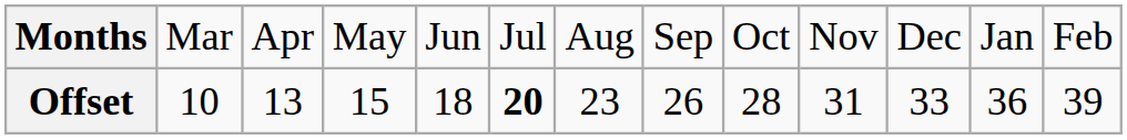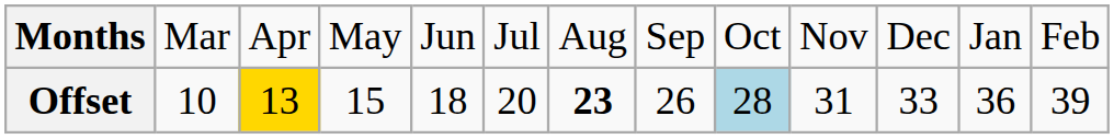 <table class="wikitable" style="text-align:center;">
 <tr>
 <th>Months</th>
 <td>Mar</td>
 <td>Apr</td>
 <td>May</td>
 <td>Jun</td>
 <td>Jul</td>
 <td>Aug</td>
 <td>Sep</td>
 <td>Oct</td>
 <td>Nov</td>
 <td>Dec</td>
 <td>Jan</td>
 <td>Feb</td>
 </tr>
 <tr>
 <th>Offset</th>
 <td>10</td>
-<td>13</td>
+<td style="background: gold;">13</td>
 <td>15</td>
 <td>18</td>
-<td><strong>20</strong></td>
-<td>23</td>
+<td>20</td>
+<td><strong>23</strong></td>
 <td>26</td>
-<td>28</td>
+<td style="background: lightblue;">28</td>
 <td>31</td>
 <td>33</td>
 <td>36</td>
 <td>39</td>
 </tr>
 </table>
